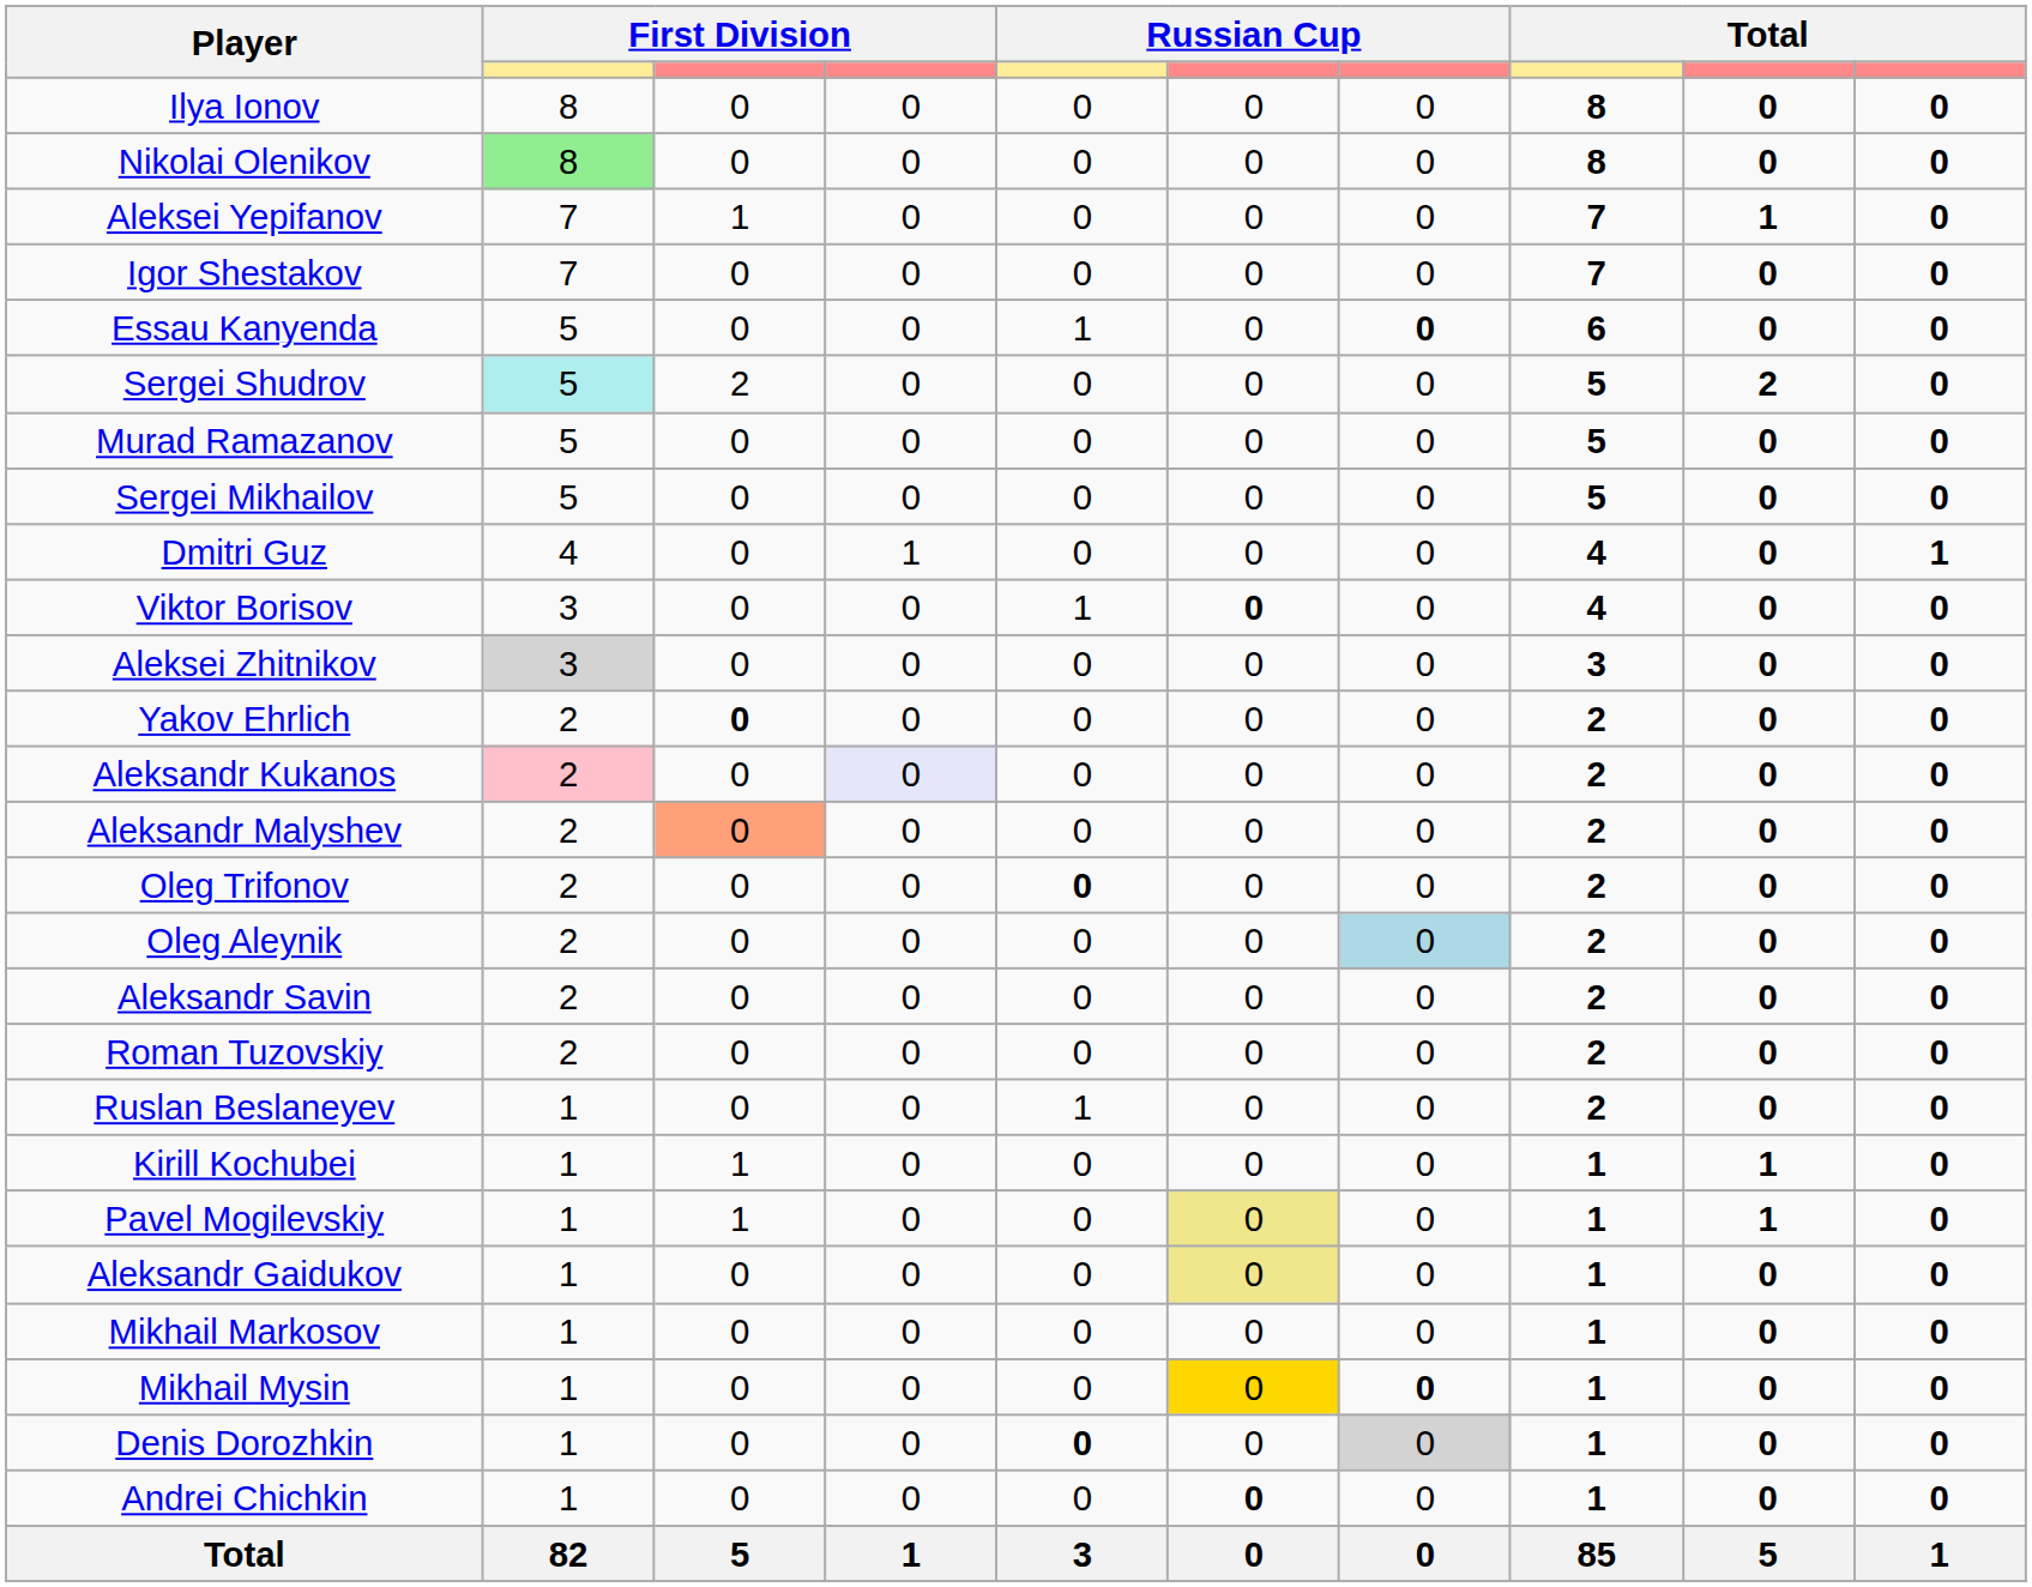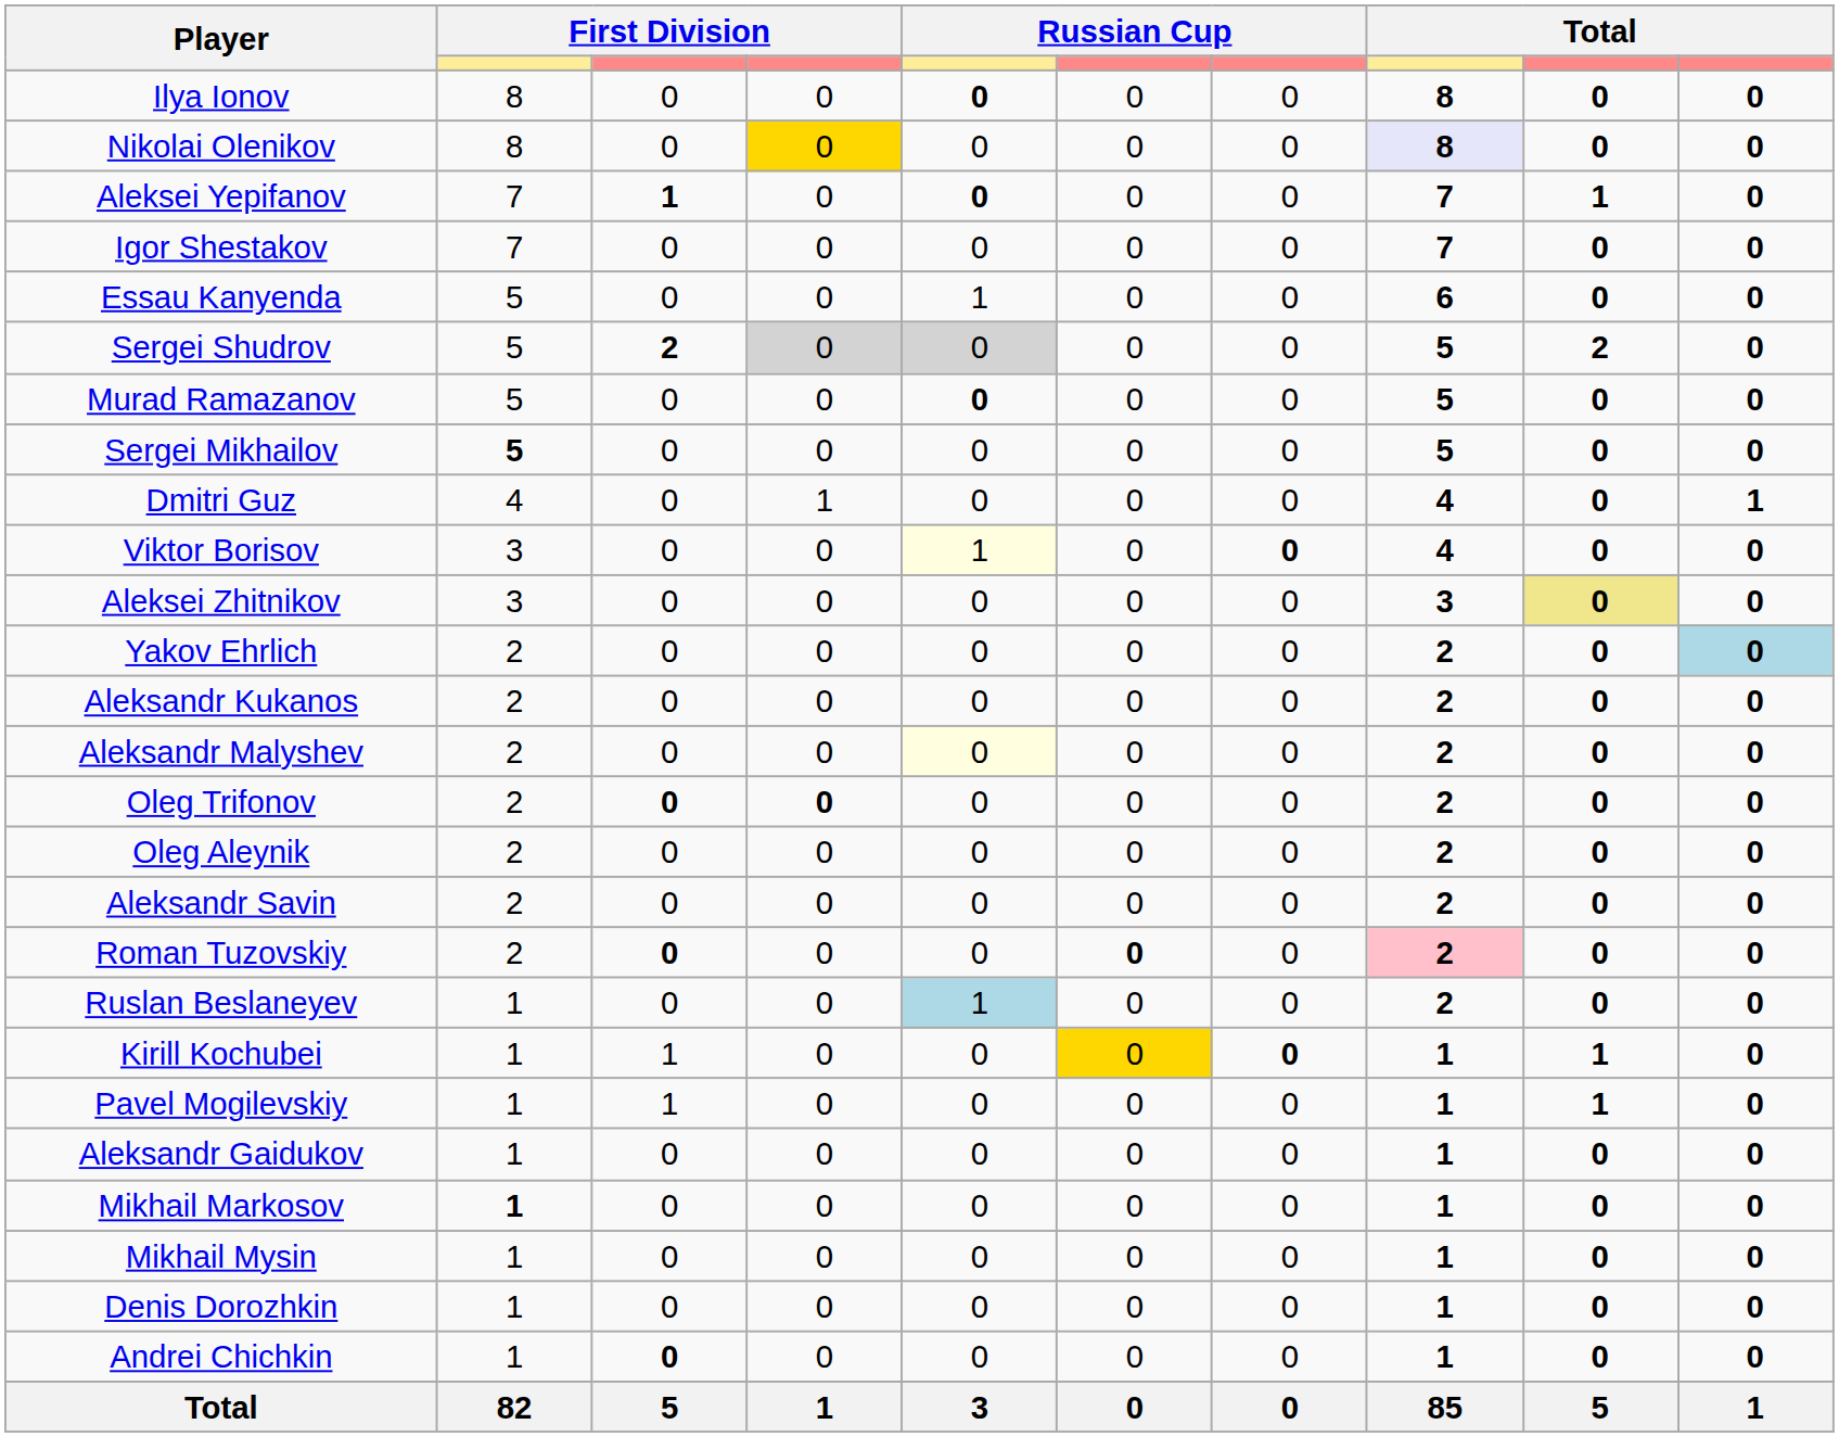 <table class="wikitable" style="font-size: 95%; text-align: center;">
 <tr>
 <th width=199px rowspan=2>Player</th>
 <th colspan=3><a href='#'>First Division</a></th>
 <th colspan=3><a href='#'>Russian Cup</a></th>
 <th colspan=3>Total</th>
 </tr>
 <tr>
 <th width=67px style="background:#FFEE99"></th>
 <th width=67px style="background:#FF8888"></th>
 <th width=67px style="background:#FF8888"></th>
 <th width=67px style="background:#FFEE99"></th>
 <th width=67px style="background:#FF8888"></th>
 <th width=67px style="background:#FF8888"></th>
 <th width=67px style="background:#FFEE99"></th>
 <th width=67px style="background:#FF8888"></th>
 <th width=67px style="background:#FF8888"></th>
 </tr>
 <tr>
 <td><a href='#'>Ilya Ionov</a></td>
 <td>8</td>
 <td>0</td>
 <td>0</td>
-<td>0</td>
+<td><strong>0</strong></td>
 <td>0</td>
 <td>0</td>
 <td><strong>8</strong></td>
 <td><strong>0</strong></td>
 <td><strong>0</strong></td>
 </tr>
 <tr>
 <td><a href='#'>Nikolai Olenikov</a></td>
-<td style="background: lightgreen;">8</td>
+<td>8</td>
+<td>0</td>
+<td style="background: gold;">0</td>
 <td>0</td>
 <td>0</td>
 <td>0</td>
-<td>0</td>
-<td>0</td>
-<td><strong>8</strong></td>
+<td style="background: lavender;"><strong>8</strong></td>
 <td><strong>0</strong></td>
 <td><strong>0</strong></td>
 </tr>
 <tr>
 <td><a href='#'>Aleksei Yepifanov</a></td>
 <td>7</td>
-<td>1</td>
+<td><strong>1</strong></td>
 <td>0</td>
-<td>0</td>
+<td><strong>0</strong></td>
 <td>0</td>
 <td>0</td>
 <td><strong>7</strong></td>
 <td><strong>1</strong></td>
 <td><strong>0</strong></td>
 </tr>
 <tr>
 <td><a href='#'>Igor Shestakov</a></td>
 <td>7</td>
 <td>0</td>
 <td>0</td>
 <td>0</td>
 <td>0</td>
 <td>0</td>
 <td><strong>7</strong></td>
 <td><strong>0</strong></td>
 <td><strong>0</strong></td>
 </tr>
 <tr>
 <td><a href='#'>Essau Kanyenda</a></td>
 <td>5</td>
 <td>0</td>
 <td>0</td>
 <td>1</td>
 <td>0</td>
-<td><strong>0</strong></td>
+<td>0</td>
 <td><strong>6</strong></td>
 <td><strong>0</strong></td>
 <td><strong>0</strong></td>
 </tr>
 <tr>
 <td><a href='#'>Sergei Shudrov</a></td>
-<td style="background: paleturquoise;">5</td>
-<td>2</td>
-<td>0</td>
-<td>0</td>
+<td>5</td>
+<td><strong>2</strong></td>
+<td style="background: lightgrey;">0</td>
+<td style="background: lightgrey;">0</td>
 <td>0</td>
 <td>0</td>
 <td><strong>5</strong></td>
 <td><strong>2</strong></td>
 <td><strong>0</strong></td>
 </tr>
 <tr>
 <td><a href='#'>Murad Ramazanov</a></td>
 <td>5</td>
 <td>0</td>
 <td>0</td>
-<td>0</td>
+<td><strong>0</strong></td>
 <td>0</td>
 <td>0</td>
 <td><strong>5</strong></td>
 <td><strong>0</strong></td>
 <td><strong>0</strong></td>
 </tr>
 <tr>
 <td><a href='#'>Sergei Mikhailov</a></td>
-<td>5</td>
+<td><strong>5</strong></td>
 <td>0</td>
 <td>0</td>
 <td>0</td>
 <td>0</td>
 <td>0</td>
 <td><strong>5</strong></td>
 <td><strong>0</strong></td>
 <td><strong>0</strong></td>
 </tr>
 <tr>
 <td><a href='#'>Dmitri Guz</a></td>
 <td>4</td>
 <td>0</td>
 <td>1</td>
 <td>0</td>
 <td>0</td>
 <td>0</td>
 <td><strong>4</strong></td>
 <td><strong>0</strong></td>
 <td><strong>1</strong></td>
 </tr>
 <tr>
 <td><a href='#'>Viktor Borisov</a></td>
 <td>3</td>
 <td>0</td>
 <td>0</td>
-<td>1</td>
+<td style="background: lightyellow;">1</td>
+<td>0</td>
 <td><strong>0</strong></td>
-<td>0</td>
 <td><strong>4</strong></td>
 <td><strong>0</strong></td>
 <td><strong>0</strong></td>
 </tr>
 <tr>
 <td><a href='#'>Aleksei Zhitnikov</a></td>
-<td style="background: lightgrey;">3</td>
+<td>3</td>
 <td>0</td>
 <td>0</td>
 <td>0</td>
 <td>0</td>
 <td>0</td>
 <td><strong>3</strong></td>
-<td><strong>0</strong></td>
+<td style="background: khaki;"><strong>0</strong></td>
 <td><strong>0</strong></td>
 </tr>
 <tr>
 <td><a href='#'>Yakov Ehrlich</a></td>
 <td>2</td>
-<td><strong>0</strong></td>
+<td>0</td>
 <td>0</td>
 <td>0</td>
 <td>0</td>
 <td>0</td>
 <td><strong>2</strong></td>
 <td><strong>0</strong></td>
-<td><strong>0</strong></td>
+<td style="background: lightblue;"><strong>0</strong></td>
 </tr>
 <tr>
 <td><a href='#'>Aleksandr Kukanos</a></td>
-<td style="background: pink;">2</td>
+<td>2</td>
 <td>0</td>
-<td style="background: lavender;">0</td>
+<td>0</td>
 <td>0</td>
 <td>0</td>
 <td>0</td>
 <td><strong>2</strong></td>
 <td><strong>0</strong></td>
 <td><strong>0</strong></td>
 </tr>
 <tr>
 <td><a href='#'>Aleksandr Malyshev</a></td>
 <td>2</td>
-<td style="background: lightsalmon;">0</td>
 <td>0</td>
 <td>0</td>
+<td style="background: lightyellow;">0</td>
 <td>0</td>
 <td>0</td>
 <td><strong>2</strong></td>
 <td><strong>0</strong></td>
 <td><strong>0</strong></td>
 </tr>
 <tr>
 <td><a href='#'>Oleg Trifonov</a></td>
 <td>2</td>
+<td><strong>0</strong></td>
+<td><strong>0</strong></td>
 <td>0</td>
-<td>0</td>
-<td><strong>0</strong></td>
 <td>0</td>
 <td>0</td>
 <td><strong>2</strong></td>
 <td><strong>0</strong></td>
 <td><strong>0</strong></td>
 </tr>
 <tr>
 <td><a href='#'>Oleg Aleynik</a></td>
 <td>2</td>
 <td>0</td>
 <td>0</td>
 <td>0</td>
 <td>0</td>
-<td style="background: lightblue;">0</td>
+<td>0</td>
 <td><strong>2</strong></td>
 <td><strong>0</strong></td>
 <td><strong>0</strong></td>
 </tr>
 <tr>
 <td><a href='#'>Aleksandr Savin</a></td>
 <td>2</td>
 <td>0</td>
 <td>0</td>
 <td>0</td>
 <td>0</td>
 <td>0</td>
 <td><strong>2</strong></td>
 <td><strong>0</strong></td>
 <td><strong>0</strong></td>
 </tr>
 <tr>
 <td><a href='#'>Roman Tuzovskiy</a></td>
 <td>2</td>
+<td><strong>0</strong></td>
 <td>0</td>
 <td>0</td>
+<td><strong>0</strong></td>
 <td>0</td>
-<td>0</td>
-<td>0</td>
-<td><strong>2</strong></td>
+<td style="background: pink;"><strong>2</strong></td>
 <td><strong>0</strong></td>
 <td><strong>0</strong></td>
 </tr>
 <tr>
 <td><a href='#'>Ruslan Beslaneyev</a></td>
 <td>1</td>
 <td>0</td>
 <td>0</td>
-<td>1</td>
+<td style="background: lightblue;">1</td>
 <td>0</td>
 <td>0</td>
 <td><strong>2</strong></td>
 <td><strong>0</strong></td>
 <td><strong>0</strong></td>
 </tr>
 <tr>
 <td><a href='#'>Kirill Kochubei</a></td>
 <td>1</td>
 <td>1</td>
 <td>0</td>
 <td>0</td>
-<td>0</td>
-<td>0</td>
+<td style="background: gold;">0</td>
+<td><strong>0</strong></td>
 <td><strong>1</strong></td>
 <td><strong>1</strong></td>
 <td><strong>0</strong></td>
 </tr>
 <tr>
 <td><a href='#'>Pavel Mogilevskiy</a></td>
 <td>1</td>
 <td>1</td>
 <td>0</td>
 <td>0</td>
-<td style="background: khaki;">0</td>
+<td>0</td>
 <td>0</td>
 <td><strong>1</strong></td>
 <td><strong>1</strong></td>
 <td><strong>0</strong></td>
 </tr>
 <tr>
 <td><a href='#'>Aleksandr Gaidukov</a></td>
 <td>1</td>
 <td>0</td>
 <td>0</td>
 <td>0</td>
-<td style="background: khaki;">0</td>
+<td>0</td>
 <td>0</td>
 <td><strong>1</strong></td>
 <td><strong>0</strong></td>
 <td><strong>0</strong></td>
 </tr>
 <tr>
 <td><a href='#'>Mikhail Markosov</a></td>
-<td>1</td>
+<td><strong>1</strong></td>
 <td>0</td>
 <td>0</td>
 <td>0</td>
 <td>0</td>
 <td>0</td>
 <td><strong>1</strong></td>
 <td><strong>0</strong></td>
 <td><strong>0</strong></td>
 </tr>
 <tr>
 <td><a href='#'>Mikhail Mysin</a></td>
 <td>1</td>
 <td>0</td>
 <td>0</td>
 <td>0</td>
-<td style="background: gold;">0</td>
-<td><strong>0</strong></td>
+<td>0</td>
+<td>0</td>
 <td><strong>1</strong></td>
 <td><strong>0</strong></td>
 <td><strong>0</strong></td>
 </tr>
 <tr>
 <td><a href='#'>Denis Dorozhkin</a></td>
 <td>1</td>
 <td>0</td>
 <td>0</td>
-<td><strong>0</strong></td>
 <td>0</td>
-<td style="background: lightgrey;">0</td>
+<td>0</td>
+<td>0</td>
 <td><strong>1</strong></td>
 <td><strong>0</strong></td>
 <td><strong>0</strong></td>
 </tr>
 <tr>
 <td><a href='#'>Andrei Chichkin</a></td>
 <td>1</td>
+<td><strong>0</strong></td>
 <td>0</td>
 <td>0</td>
 <td>0</td>
-<td><strong>0</strong></td>
 <td>0</td>
 <td><strong>1</strong></td>
 <td><strong>0</strong></td>
 <td><strong>0</strong></td>
 </tr>
 <tr>
 <th>Total</th>
 <th>82</th>
 <th>5</th>
 <th>1</th>
 <th>3</th>
 <th>0</th>
 <th>0</th>
 <th><strong>85</strong></th>
 <th><strong>5</strong></th>
 <th><strong>1</strong></th>
 </tr>
 <tr>
 </tr>
 </table>
